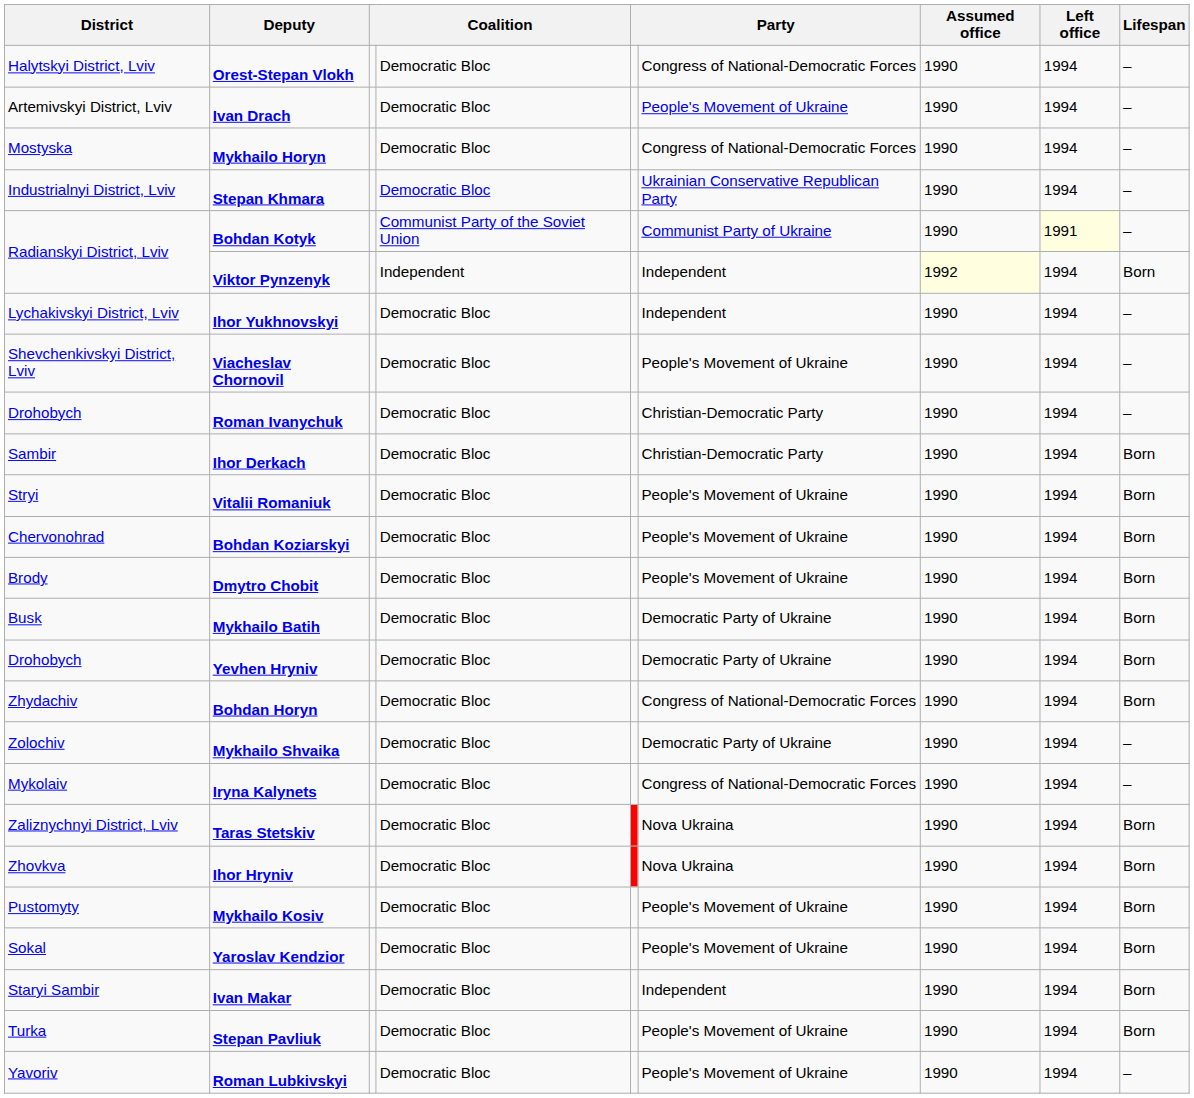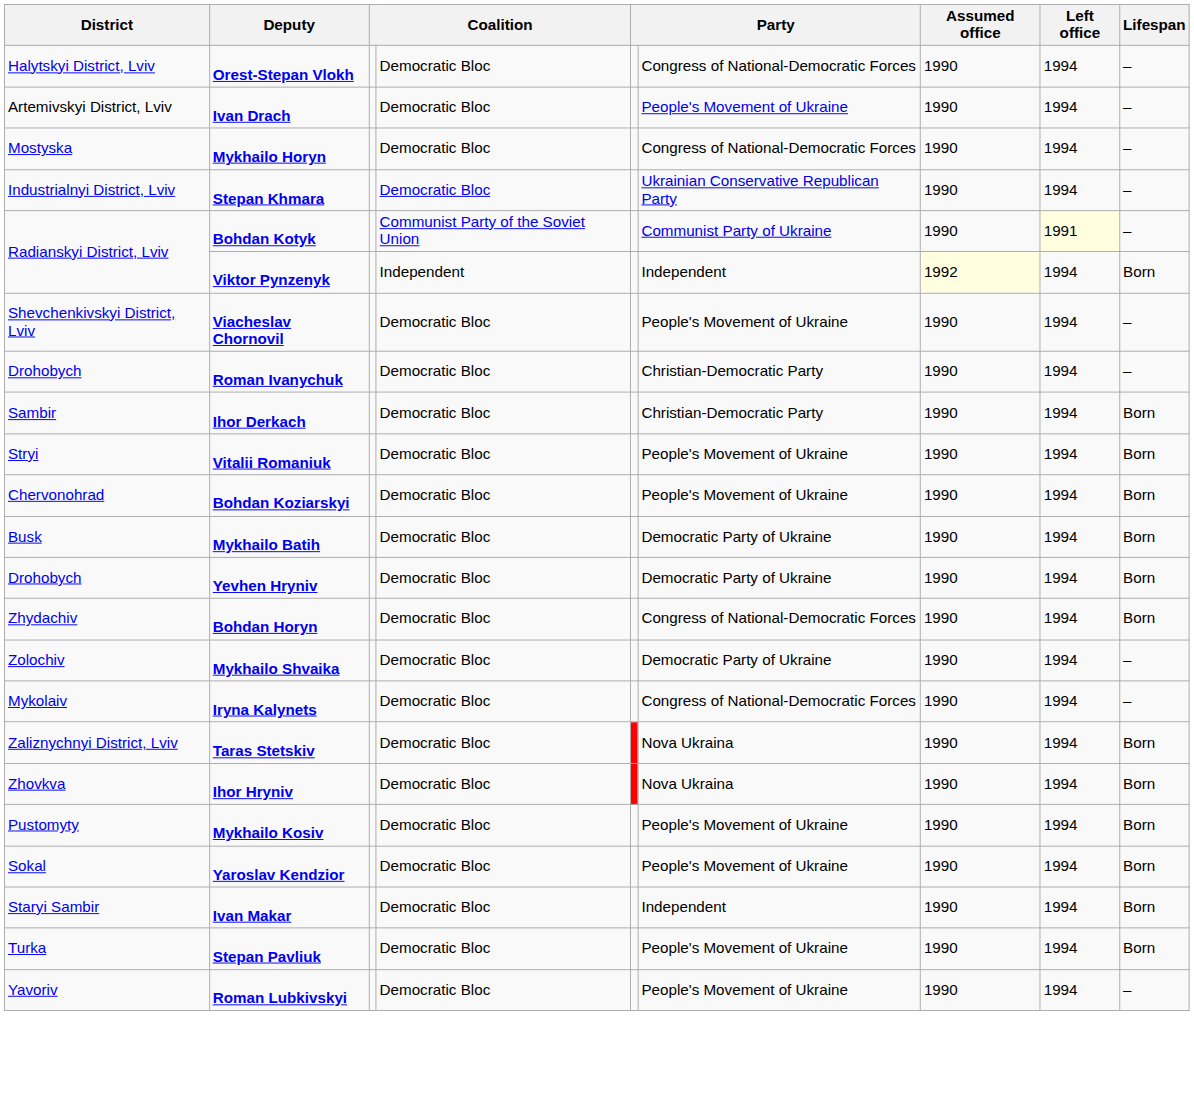 <table class="wikitable standard sortable">
 <tr>
 <th scope="col">District<br></th>
 <th scope="col">Deputy</th>
 <th scope="col" colspan=2>Coalition</th>
 <th scope="col" colspan=2>Party</th>
 <th scope="col">Assumed office</th>
 <th scope="col">Left office</th>
 <th scope="col">Lifespan</th>
 </tr>
 <tr>
 <td><a href='#'>Halytskyi District, Lviv</a><br></td>
 <td data-sort-value="Vlokh, Orest-Stepan"><br><strong><a href='#'>Orest-Stepan Vlokh</a></strong></td>
 <td style="background-color:"></td>
 <td>Democratic Bloc</td>
 <td style="background-color:"></td>
 <td>Congress of National-Democratic Forces</td>
 <td>1990</td>
 <td>1994</td>
 <td> – </td>
 </tr>
 <tr>
 <td>Artemivskyi District, Lviv<br></td>
 <td data-sort-value="Drach, Ivan"><br><strong><a href='#'>Ivan Drach</a></strong></td>
 <td style="background-color:"></td>
 <td>Democratic Bloc</td>
 <td style="background-color:"></td>
 <td><a href='#'>People's Movement of Ukraine</a></td>
 <td>1990</td>
 <td>1994</td>
 <td> – </td>
 </tr>
 <tr>
 <td><a href='#'>Mostyska</a><br></td>
 <td data-sort-value="Horyn, Mykhailo"><br><strong><a href='#'>Mykhailo Horyn</a></strong></td>
 <td style="background-color:"></td>
 <td>Democratic Bloc</td>
 <td style="background-color:"></td>
 <td>Congress of National-Democratic Forces</td>
 <td>1990</td>
 <td>1994</td>
 <td> – </td>
 </tr>
 <tr>
 <td><a href='#'>Industrialnyi District, Lviv</a><br></td>
 <td data-sort-value="Khmara, Stepan"><br><strong><a href='#'>Stepan Khmara</a></strong></td>
 <td style="background-color:"></td>
 <td><a href='#'>Democratic Bloc</a></td>
 <td style="background-color:"></td>
 <td><a href='#'>Ukrainian Conservative Republican Party</a></td>
 <td>1990</td>
 <td>1994</td>
 <td> – </td>
 </tr>
 <tr>
 <td rowspan="2"><a href='#'>Radianskyi District, Lviv</a><br></td>
 <td data-sort-value="Kotyk, Bohdan"><br><strong><a href='#'>Bohdan Kotyk</a></strong></td>
 <td style="background-color:"></td>
 <td><a href='#'>Communist Party of the Soviet Union</a></td>
 <td style="background-color:"></td>
 <td><a href='#'>Communist Party of Ukraine</a></td>
 <td>1990</td>
 <td style="background:#FFFFE0">1991</td>
 <td> – </td>
 </tr>
 <tr>
 <td data-sort-value="Pynzenyk, Viktor"><br><strong><a href='#'>Viktor Pynzenyk</a></strong></td>
 <td style="background-color:"></td>
 <td>Independent</td>
 <td style="background-color:"></td>
 <td>Independent</td>
 <td style="background:#FFFFE0">1992</td>
 <td>1994</td>
 <td>Born </td>
 </tr>
 <tr>
-<td><a href='#'>Lychakivskyi District, Lviv</a><br></td>
-<td data-sort-value="Yukhnovskyi, Ihor"><br><strong><a href='#'>Ihor Yukhnovskyi</a></strong></td>
-<td style="background-color:"></td>
-<td>Democratic Bloc</td>
-<td style="background-color:"></td>
-<td>Independent</td>
-<td>1990</td>
-<td>1994</td>
-<td> – </td>
-</tr>
-<tr>
 <td><a href='#'>Shevchenkivskyi District, Lviv</a><br></td>
 <td data-sort-value="Chornovil, Viacheslav"><br><strong><a href='#'>Viacheslav Chornovil</a></strong></td>
 <td style="background-color:"></td>
 <td>Democratic Bloc</td>
 <td style="background-color:"></td>
 <td>People's Movement of Ukraine</td>
 <td>1990</td>
 <td>1994</td>
 <td> – </td>
 </tr>
 <tr>
 <td><a href='#'>Drohobych</a><br></td>
 <td data-sort-value="Ivanychuk, Roman"><br><strong><a href='#'>Roman Ivanychuk</a></strong></td>
 <td style="background-color:"></td>
 <td>Democratic Bloc</td>
 <td style="background-color:"></td>
 <td>Christian-Democratic Party</td>
 <td>1990</td>
 <td>1994</td>
 <td> – </td>
 </tr>
 <tr>
 <td><a href='#'>Sambir</a><br></td>
 <td data-sort-value="Derkach, Ihor"><br><strong><a href='#'>Ihor Derkach</a></strong></td>
 <td style="background-color:"></td>
 <td>Democratic Bloc</td>
 <td style="background-color:"></td>
 <td>Christian-Democratic Party</td>
 <td>1990</td>
 <td>1994</td>
 <td>Born </td>
 </tr>
 <tr>
 <td><a href='#'>Stryi</a><br></td>
 <td data-sort-value="Romaniuk, Vitalii"><br><strong><a href='#'>Vitalii Romaniuk</a></strong></td>
 <td style="background-color:"></td>
 <td>Democratic Bloc</td>
 <td style="background-color:"></td>
 <td>People's Movement of Ukraine</td>
 <td>1990</td>
 <td>1994</td>
 <td>Born </td>
 </tr>
 <tr>
 <td><a href='#'>Chervonohrad</a><br></td>
 <td data-sort-value="Koziarskyi, Bohdan"><br><strong><a href='#'>Bohdan Koziarskyi</a></strong></td>
-<td style="background-color:"></td>
-<td>Democratic Bloc</td>
-<td style="background-color:"></td>
-<td>People's Movement of Ukraine</td>
-<td>1990</td>
-<td>1994</td>
-<td>Born </td>
-</tr>
-<tr>
-<td><a href='#'>Brody</a><br></td>
-<td data-sort-value="Chobit, Dmytro"><br><strong><a href='#'>Dmytro Chobit</a></strong></td>
 <td style="background-color:"></td>
 <td>Democratic Bloc</td>
 <td style="background-color:"></td>
 <td>People's Movement of Ukraine</td>
 <td>1990</td>
 <td>1994</td>
 <td>Born </td>
 </tr>
 <tr>
 <td><a href='#'>Busk</a><br></td>
 <td data-sort-value="Batih, Mykhailo"><br><strong><a href='#'>Mykhailo Batih</a></strong></td>
 <td style="background-color:"></td>
 <td>Democratic Bloc</td>
 <td style="background-color:"></td>
 <td>Democratic Party of Ukraine</td>
 <td>1990</td>
 <td>1994</td>
 <td>Born </td>
 </tr>
 <tr>
 <td><a href='#'>Drohobych</a><br></td>
 <td data-sort-value="Hryniv, Yevhen"><br><strong><a href='#'>Yevhen Hryniv</a></strong></td>
 <td style="background-color:"></td>
 <td>Democratic Bloc</td>
 <td style="background-color:"></td>
 <td>Democratic Party of Ukraine</td>
 <td>1990</td>
 <td>1994</td>
 <td>Born </td>
 </tr>
 <tr>
 <td><a href='#'>Zhydachiv</a><br></td>
 <td data-sort-value="Horyn, Bohdan"><br><strong><a href='#'>Bohdan Horyn</a></strong></td>
 <td style="background-color:"></td>
 <td>Democratic Bloc</td>
 <td style="background-color:"></td>
 <td>Congress of National-Democratic Forces</td>
 <td>1990</td>
 <td>1994</td>
 <td>Born </td>
 </tr>
 <tr>
 <td><a href='#'>Zolochiv</a><br></td>
 <td data-sort-value="Shvaika, Mykhailo"><br><strong><a href='#'>Mykhailo Shvaika</a></strong></td>
 <td style="background-color:"></td>
 <td>Democratic Bloc</td>
 <td style="background-color:"></td>
 <td>Democratic Party of Ukraine</td>
 <td>1990</td>
 <td>1994</td>
 <td> – </td>
 </tr>
 <tr>
 <td><a href='#'>Mykolaiv</a><br></td>
 <td data-sort-value="Kalynets, Iryna"><br><strong><a href='#'>Iryna Kalynets</a></strong></td>
 <td style="background-color:"></td>
 <td>Democratic Bloc</td>
 <td style="background-color:"></td>
 <td>Congress of National-Democratic Forces</td>
 <td>1990</td>
 <td>1994</td>
 <td> – </td>
 </tr>
 <tr>
 <td><a href='#'>Zaliznychnyi District, Lviv</a><br></td>
 <td data-sort-value="Stetskiv, Taras"><br><strong><a href='#'>Taras Stetskiv</a></strong></td>
 <td style="background-color:"></td>
 <td>Democratic Bloc</td>
 <td style="background-color:red"></td>
 <td>Nova Ukraina</td>
 <td>1990</td>
 <td>1994</td>
 <td>Born </td>
 </tr>
 <tr>
 <td><a href='#'>Zhovkva</a><br></td>
 <td data-sort-value="Hryniv, Ihor"><br><strong><a href='#'>Ihor Hryniv</a></strong></td>
 <td style="background-color:"></td>
 <td>Democratic Bloc</td>
 <td style="background-color:red"></td>
 <td>Nova Ukraina</td>
 <td>1990</td>
 <td>1994</td>
 <td>Born </td>
 </tr>
 <tr>
 <td><a href='#'>Pustomyty</a><br></td>
 <td data-sort-value="Kosiv, Mykhailo"><br><strong><a href='#'>Mykhailo Kosiv</a></strong></td>
 <td style="background-color:"></td>
 <td>Democratic Bloc</td>
 <td style="background-color:"></td>
 <td>People's Movement of Ukraine</td>
 <td>1990</td>
 <td>1994</td>
 <td>Born </td>
 </tr>
 <tr>
 <td><a href='#'>Sokal</a><br></td>
 <td data-sort-value="Kendzior, Yaroslav"><br><strong><a href='#'>Yaroslav Kendzior</a></strong></td>
 <td style="background-color:"></td>
 <td>Democratic Bloc</td>
 <td style="background-color:"></td>
 <td>People's Movement of Ukraine</td>
 <td>1990</td>
 <td>1994</td>
 <td>Born </td>
 </tr>
 <tr>
 <td><a href='#'>Staryi Sambir</a><br></td>
 <td data-sort-value="Makar, Ivan"><br><strong><a href='#'>Ivan Makar</a></strong></td>
 <td style="background-color:"></td>
 <td>Democratic Bloc</td>
 <td style="background-color:"></td>
 <td>Independent</td>
 <td>1990</td>
 <td>1994</td>
 <td>Born </td>
 </tr>
 <tr>
 <td><a href='#'>Turka</a><br></td>
 <td data-sort-value="Pavliuk, Stepan"><br><strong><a href='#'>Stepan Pavliuk</a></strong></td>
 <td style="background-color:"></td>
 <td>Democratic Bloc</td>
 <td style="background-color:"></td>
 <td>People's Movement of Ukraine</td>
 <td>1990</td>
 <td>1994</td>
 <td>Born </td>
 </tr>
 <tr>
 <td><a href='#'>Yavoriv</a><br></td>
 <td data-sort-value="Lubkivskyi, Roman"><br><strong><a href='#'>Roman Lubkivskyi</a></strong></td>
 <td style="background-color:"></td>
 <td>Democratic Bloc</td>
 <td style="background-color:"></td>
 <td>People's Movement of Ukraine</td>
 <td>1990</td>
 <td>1994</td>
 <td> – </td>
 </tr>
 </table>
